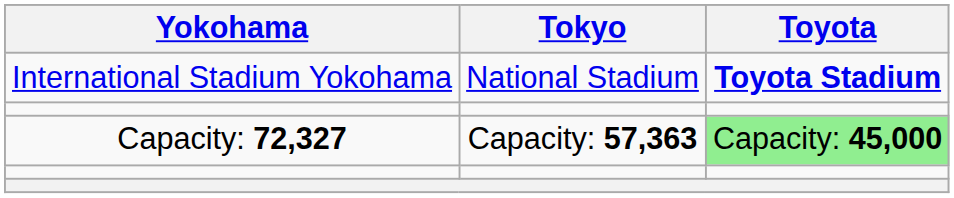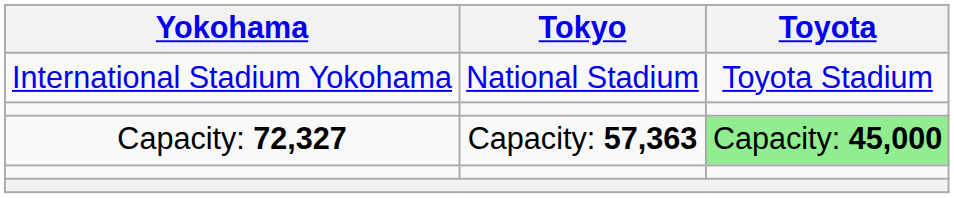 <table class="wikitable" style="text-align:center">
 <tr>
 <th><a href='#'>Yokohama</a></th>
 <th><a href='#'>Tokyo</a></th>
 <th><a href='#'>Toyota</a></th>
 </tr>
 <tr>
 <td><a href='#'>International Stadium Yokohama</a></td>
 <td><a href='#'>National Stadium</a></td>
-<td><strong><a href='#'>Toyota Stadium</a></strong></td>
+<td><a href='#'>Toyota Stadium</a></td>
 </tr>
 <tr>
 <td><small></small></td>
 <td><small></small></td>
 <td><small></small></td>
 </tr>
 <tr>
 <td>Capacity: <strong>72,327</strong></td>
 <td>Capacity: <strong>57,363</strong></td>
 <td style="background: lightgreen;">Capacity: <strong>45,000</strong></td>
 </tr>
 <tr>
 <td></td>
 <td></td>
 <td></td>
 </tr>
 <tr>
 <th colspan="5"></th>
 </tr>
 </table>
